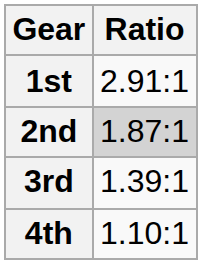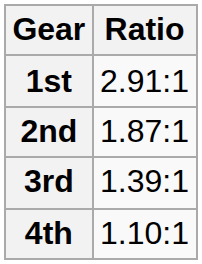 <table class="wikitable">
 <tr>
 <th>Gear</th>
 <th>Ratio</th>
 </tr>
 <tr>
 <th>1st</th>
 <td>2.91:1</td>
 </tr>
 <tr>
 <th>2nd</th>
-<td style="background: lightgrey;">1.87:1</td>
+<td>1.87:1</td>
 </tr>
 <tr>
 <th>3rd</th>
 <td>1.39:1</td>
 </tr>
 <tr>
 <th>4th</th>
 <td>1.10:1</td>
 </tr>
 </table>
